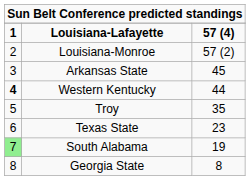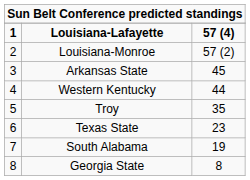 <table class= "wikitable">
 <tr align="center">
 <td align="center" Colspan="3"><strong>Sun Belt Conference predicted standings</strong></td>
 </tr>
 <tr align="center">
 </tr>
 <tr align="center">
 <td><strong>1</strong></td>
 <td><strong>Louisiana-Lafayette</strong></td>
 <td><strong>57 (4)</strong></td>
 </tr>
 <tr align="center">
 <td>2</td>
 <td>Louisiana-Monroe</td>
 <td>57 (2)</td>
 </tr>
 <tr align="center">
 <td>3</td>
 <td>Arkansas State</td>
 <td>45</td>
 </tr>
 <tr align="center">
-<td><strong>4</strong></td>
+<td>4</td>
 <td>Western Kentucky</td>
 <td>44</td>
 </tr>
 <tr align="center">
 <td>5</td>
 <td>Troy</td>
 <td>35</td>
 </tr>
 <tr align="center">
 <td>6</td>
 <td>Texas State</td>
 <td>23</td>
 </tr>
 <tr align="center">
-<td style="background: lightgreen;">7</td>
+<td>7</td>
 <td>South Alabama</td>
 <td>19</td>
 </tr>
 <tr align="center">
 <td>8</td>
 <td>Georgia State</td>
 <td>8</td>
 </tr>
 </table>
